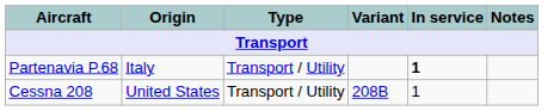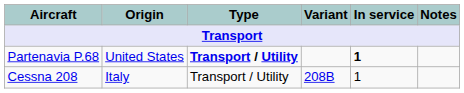 <table class="wikitable">
 <tr>
 <th style="text-align:center; background:#acc;">Aircraft</th>
 <th style="text-align: center; background:#acc;">Origin</th>
 <th style="text-align:l center; background:#acc;">Type</th>
 <th style="text-align:left; background:#acc;">Variant</th>
 <th style="text-align:center; background:#acc;">In service</th>
 <th style="text-align: center; background:#acc;">Notes</th>
 </tr>
 <tr>
 <th style="align: center; background: lavender;" colspan="7"><a href='#'>Transport</a></th>
 </tr>
 <tr>
 <td><a href='#'>Partenavia P.68</a></td>
-<td><a href='#'>Italy</a></td>
-<td><a href='#'>Transport</a> / <a href='#'>Utility</a></td>
+<td><a href='#'>United States</a></td>
+<td><strong><a href='#'>Transport</a> / <a href='#'>Utility</a></strong></td>
 <td></td>
 <td><strong>1</strong></td>
 <td></td>
 </tr>
 <tr>
 <td><a href='#'>Cessna 208</a></td>
-<td><a href='#'>United States</a></td>
+<td><a href='#'>Italy</a></td>
 <td>Transport / Utility</td>
 <td><a href='#'>208B</a></td>
 <td>1</td>
 <td></td>
 </tr>
 </table>
